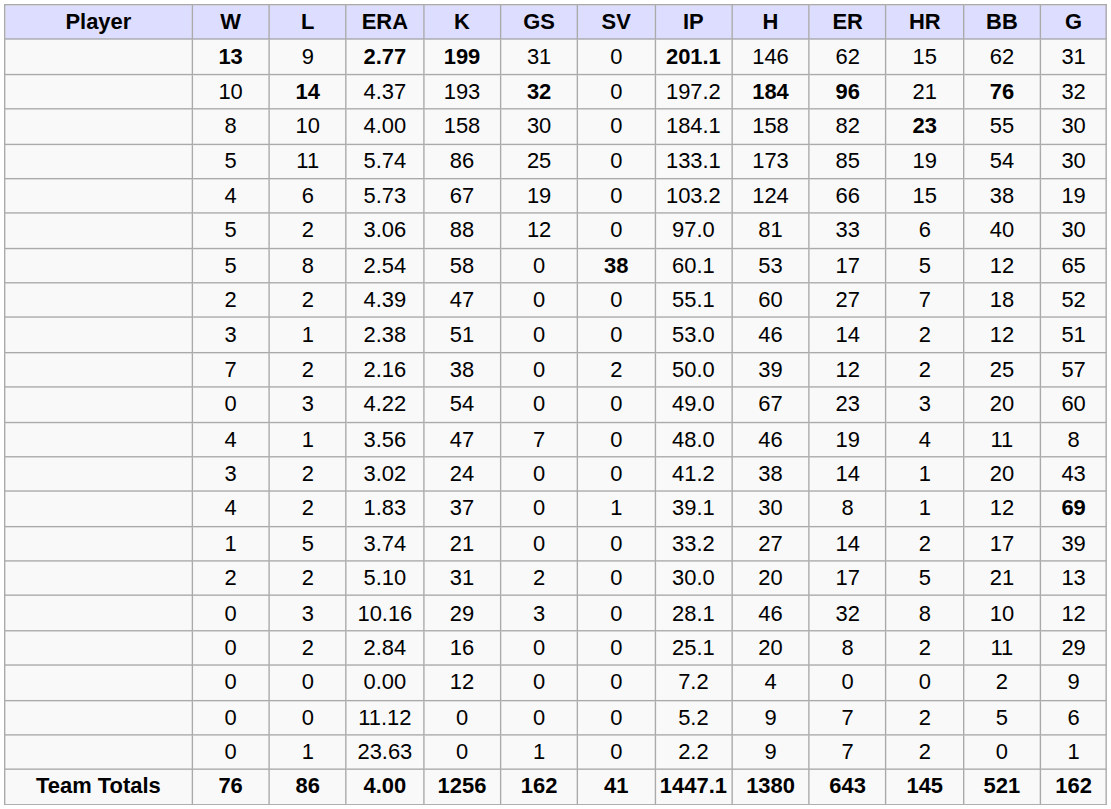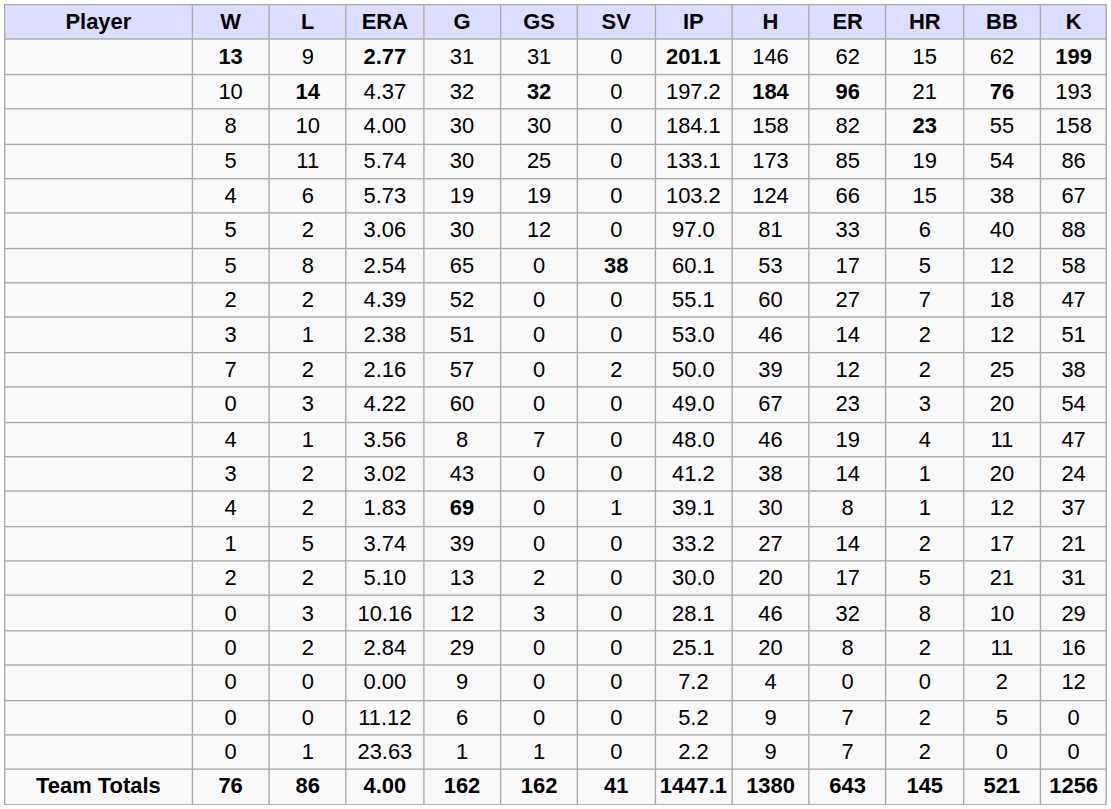 <table class="wikitable sortable" style="text-align:center; border:1px; cellpadding:2; cellspacing:0;">
 <tr>
 <th style="background:#ddf; width:17%;">Player</th>
 <th style="background:#ddf; width:7%;">W</th>
 <th style="background:#ddf; width:7%;">L</th>
 <th style="background:#ddf; width:7%;">ERA</th>
-<th style="background:#ddf; width:7%;">K</th>
+<th style="background:#ddf; width:7%;">G</th>
 <th style="background:#ddf; width:7%;">GS</th>
 <th style="background:#ddf; width:7%;">SV</th>
 <th style="background:#ddf; width:7%;">IP</th>
 <th style="background:#ddf; width:7%;">H</th>
 <th style="background:#ddf; width:7%;">ER</th>
 <th style="background:#ddf; width:7%;">HR</th>
 <th style="background:#ddf; width:7%;">BB</th>
-<th style="background:#ddf; width:7%;">G</th>
+<th style="background:#ddf; width:7%;">K</th>
 </tr>
 <tr>
 <td></td>
 <td><strong>13</strong></td>
 <td>9</td>
 <td><strong>2.77</strong></td>
-<td><strong>199</strong></td>
+<td>31</td>
 <td>31</td>
 <td>0</td>
 <td><strong>201.1</strong></td>
 <td>146</td>
 <td>62</td>
 <td>15</td>
 <td>62</td>
-<td>31</td>
+<td><strong>199</strong></td>
 </tr>
 <tr>
 <td></td>
 <td>10</td>
 <td><strong>14</strong></td>
 <td>4.37</td>
-<td>193</td>
+<td>32</td>
 <td><strong>32</strong></td>
 <td>0</td>
 <td>197.2</td>
 <td><strong>184</strong></td>
 <td><strong>96</strong></td>
 <td>21</td>
 <td><strong>76</strong></td>
-<td>32</td>
+<td>193</td>
 </tr>
 <tr>
 <td></td>
 <td>8</td>
 <td>10</td>
 <td>4.00</td>
-<td>158</td>
+<td>30</td>
 <td>30</td>
 <td>0</td>
 <td>184.1</td>
 <td>158</td>
 <td>82</td>
 <td><strong>23</strong></td>
 <td>55</td>
-<td>30</td>
+<td>158</td>
 </tr>
 <tr>
 <td></td>
 <td>5</td>
 <td>11</td>
 <td>5.74</td>
-<td>86</td>
+<td>30</td>
 <td>25</td>
 <td>0</td>
 <td>133.1</td>
 <td>173</td>
 <td>85</td>
 <td>19</td>
 <td>54</td>
-<td>30</td>
+<td>86</td>
 </tr>
 <tr>
 <td></td>
 <td>4</td>
 <td>6</td>
 <td>5.73</td>
-<td>67</td>
+<td>19</td>
 <td>19</td>
 <td>0</td>
 <td>103.2</td>
 <td>124</td>
 <td>66</td>
 <td>15</td>
 <td>38</td>
-<td>19</td>
+<td>67</td>
 </tr>
 <tr>
 <td></td>
 <td>5</td>
 <td>2</td>
 <td>3.06</td>
-<td>88</td>
+<td>30</td>
 <td>12</td>
 <td>0</td>
 <td>97.0</td>
 <td>81</td>
 <td>33</td>
 <td>6</td>
 <td>40</td>
-<td>30</td>
+<td>88</td>
 </tr>
 <tr>
 <td></td>
 <td>5</td>
 <td>8</td>
 <td>2.54</td>
-<td>58</td>
+<td>65</td>
 <td>0</td>
 <td><strong>38</strong></td>
 <td>60.1</td>
 <td>53</td>
 <td>17</td>
 <td>5</td>
 <td>12</td>
-<td>65</td>
+<td>58</td>
 </tr>
 <tr>
 <td></td>
 <td>2</td>
 <td>2</td>
 <td>4.39</td>
-<td>47</td>
+<td>52</td>
 <td>0</td>
 <td>0</td>
 <td>55.1</td>
 <td>60</td>
 <td>27</td>
 <td>7</td>
 <td>18</td>
-<td>52</td>
+<td>47</td>
 </tr>
 <tr>
 <td></td>
 <td>3</td>
 <td>1</td>
 <td>2.38</td>
 <td>51</td>
 <td>0</td>
 <td>0</td>
 <td>53.0</td>
 <td>46</td>
 <td>14</td>
 <td>2</td>
 <td>12</td>
 <td>51</td>
 </tr>
 <tr>
 <td></td>
 <td>7</td>
 <td>2</td>
 <td>2.16</td>
-<td>38</td>
+<td>57</td>
 <td>0</td>
 <td>2</td>
 <td>50.0</td>
 <td>39</td>
 <td>12</td>
 <td>2</td>
 <td>25</td>
-<td>57</td>
+<td>38</td>
 </tr>
 <tr>
 <td></td>
 <td>0</td>
 <td>3</td>
 <td>4.22</td>
-<td>54</td>
+<td>60</td>
 <td>0</td>
 <td>0</td>
 <td>49.0</td>
 <td>67</td>
 <td>23</td>
 <td>3</td>
 <td>20</td>
-<td>60</td>
+<td>54</td>
 </tr>
 <tr>
 <td></td>
 <td>4</td>
 <td>1</td>
 <td>3.56</td>
-<td>47</td>
+<td>8</td>
 <td>7</td>
 <td>0</td>
 <td>48.0</td>
 <td>46</td>
 <td>19</td>
 <td>4</td>
 <td>11</td>
-<td>8</td>
+<td>47</td>
 </tr>
 <tr>
 <td></td>
 <td>3</td>
 <td>2</td>
 <td>3.02</td>
-<td>24</td>
+<td>43</td>
 <td>0</td>
 <td>0</td>
 <td>41.2</td>
 <td>38</td>
 <td>14</td>
 <td>1</td>
 <td>20</td>
-<td>43</td>
+<td>24</td>
 </tr>
 <tr>
 <td></td>
 <td>4</td>
 <td>2</td>
 <td>1.83</td>
-<td>37</td>
+<td><strong>69</strong></td>
 <td>0</td>
 <td>1</td>
 <td>39.1</td>
 <td>30</td>
 <td>8</td>
 <td>1</td>
 <td>12</td>
-<td><strong>69</strong></td>
+<td>37</td>
 </tr>
 <tr>
 <td></td>
 <td>1</td>
 <td>5</td>
 <td>3.74</td>
-<td>21</td>
+<td>39</td>
 <td>0</td>
 <td>0</td>
 <td>33.2</td>
 <td>27</td>
 <td>14</td>
 <td>2</td>
 <td>17</td>
-<td>39</td>
+<td>21</td>
 </tr>
 <tr>
 <td></td>
 <td>2</td>
 <td>2</td>
 <td>5.10</td>
-<td>31</td>
+<td>13</td>
 <td>2</td>
 <td>0</td>
 <td>30.0</td>
 <td>20</td>
 <td>17</td>
 <td>5</td>
 <td>21</td>
-<td>13</td>
+<td>31</td>
 </tr>
 <tr>
 <td></td>
 <td>0</td>
 <td>3</td>
 <td>10.16</td>
-<td>29</td>
+<td>12</td>
 <td>3</td>
 <td>0</td>
 <td>28.1</td>
 <td>46</td>
 <td>32</td>
 <td>8</td>
 <td>10</td>
-<td>12</td>
+<td>29</td>
 </tr>
 <tr>
 <td></td>
 <td>0</td>
 <td>2</td>
 <td>2.84</td>
-<td>16</td>
+<td>29</td>
 <td>0</td>
 <td>0</td>
 <td>25.1</td>
 <td>20</td>
 <td>8</td>
 <td>2</td>
 <td>11</td>
-<td>29</td>
+<td>16</td>
 </tr>
 <tr>
 <td></td>
 <td>0</td>
 <td>0</td>
 <td>0.00</td>
-<td>12</td>
+<td>9</td>
 <td>0</td>
 <td>0</td>
 <td>7.2</td>
 <td>4</td>
 <td>0</td>
 <td>0</td>
 <td>2</td>
-<td>9</td>
+<td>12</td>
 </tr>
 <tr>
 <td></td>
 <td>0</td>
 <td>0</td>
 <td>11.12</td>
-<td>0</td>
+<td>6</td>
 <td>0</td>
 <td>0</td>
 <td>5.2</td>
 <td>9</td>
 <td>7</td>
 <td>2</td>
 <td>5</td>
-<td>6</td>
+<td>0</td>
 </tr>
 <tr>
 <td></td>
 <td>0</td>
 <td>1</td>
 <td>23.63</td>
-<td>0</td>
+<td>1</td>
 <td>1</td>
 <td>0</td>
 <td>2.2</td>
 <td>9</td>
 <td>7</td>
 <td>2</td>
 <td>0</td>
-<td>1</td>
+<td>0</td>
 </tr>
 <tr>
 <td><strong>Team Totals</strong></td>
 <td><strong>76</strong></td>
 <td><strong>86</strong></td>
 <td><strong>4.00</strong></td>
-<td><strong>1256</strong></td>
+<td><strong>162</strong></td>
 <td><strong>162</strong></td>
 <td><strong>41</strong></td>
 <td><strong>1447.1</strong></td>
 <td><strong>1380</strong></td>
 <td><strong>643</strong></td>
 <td><strong>145</strong></td>
 <td><strong>521</strong></td>
-<td><strong>162</strong></td>
+<td><strong>1256</strong></td>
 </tr>
 </table>
